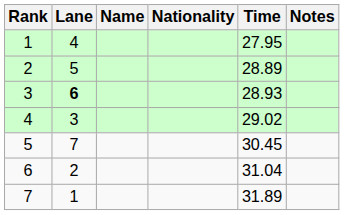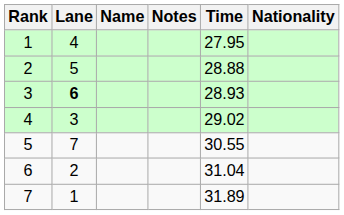 <table class="wikitable sortable" style="text-align:center">
 <tr>
 <th>Rank</th>
 <th>Lane</th>
 <th>Name</th>
+<th>Notes</th>
+<th>Time</th>
 <th>Nationality</th>
-<th>Time</th>
-<th>Notes</th>
 </tr>
 <tr bgcolor=ccffcc>
 <td>1</td>
 <td>4</td>
 <td align=left></td>
+<td><strong></strong> <strong></strong></td>
+<td>27.95</td>
 <td align=left></td>
-<td>27.95</td>
-<td><strong></strong> <strong></strong></td>
 </tr>
 <tr bgcolor=ccffcc>
 <td>2</td>
 <td>5</td>
 <td align=left></td>
+<td><strong></strong></td>
+<td>28.88</td>
 <td align=left></td>
-<td>28.89</td>
-<td><strong></strong></td>
 </tr>
 <tr bgcolor=ccffcc>
 <td>3</td>
 <td><strong>6</strong></td>
 <td align=left></td>
+<td><strong></strong></td>
+<td>28.93</td>
 <td align=left></td>
-<td>28.93</td>
-<td><strong></strong></td>
 </tr>
 <tr bgcolor=ccffcc>
 <td>4</td>
 <td>3</td>
 <td align=left></td>
+<td><strong></strong></td>
+<td>29.02</td>
 <td align=left></td>
-<td>29.02</td>
-<td><strong></strong></td>
 </tr>
 <tr>
 <td>5</td>
 <td>7</td>
 <td align=left></td>
+<td></td>
+<td>30.55</td>
 <td align=left></td>
-<td>30.45</td>
-<td></td>
 </tr>
 <tr>
 <td>6</td>
 <td>2</td>
 <td align=left></td>
+<td></td>
+<td>31.04</td>
 <td align=left></td>
-<td>31.04</td>
-<td></td>
 </tr>
 <tr>
 <td>7</td>
 <td>1</td>
 <td align=left></td>
+<td></td>
+<td>31.89</td>
 <td align=left></td>
-<td>31.89</td>
-<td></td>
 </tr>
 </table>
